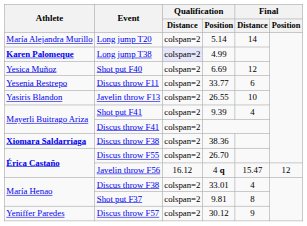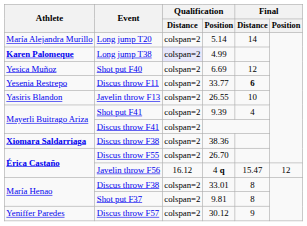 <table class=wikitable style="font-size:90%">
 <tr>
 <th rowspan="2">Athlete</th>
 <th rowspan="2">Event</th>
 <th colspan="2">Qualification</th>
 <th colspan="2">Final</th>
 </tr>
 <tr style="font-size:95%">
 <th>Distance</th>
 <th>Position</th>
 <th>Distance</th>
 <th>Position</th>
 </tr>
 <tr style="text-align:center">
 <td style="text-align:left"><a href='#'>María Alejandra Murillo</a></td>
 <td style="text-align:left"><a href='#'>Long jump T20</a></td>
 <td>colspan=2 </td>
 <td>5.14</td>
 <td>14</td>
 </tr>
 <tr style="text-align:center">
 <td style="text-align:left"><strong><a href='#'>Karen Palomeque</a></strong></td>
 <td style="text-align:left"><a href='#'>Long jump T38</a></td>
 <td style="background: lavender;">colspan=2 </td>
 <td>4.99 <strong></strong></td>
 <td></td>
 </tr>
 <tr style="text-align:center">
 <td style="text-align:left"><a href='#'>Yesica Muñoz</a></td>
 <td style="text-align:left"><a href='#'>Shot put F40</a></td>
 <td>colspan=2 </td>
 <td>6.69 <strong></strong></td>
 <td>12</td>
 </tr>
 <tr style="text-align:center">
 <td style="text-align:left"><a href='#'>Yesenia Restrepo</a></td>
 <td style="text-align:left"><a href='#'>Discus throw F11</a></td>
 <td>colspan=2 </td>
 <td>33.77 <strong></strong></td>
-<td>6</td>
+<td><strong>6</strong></td>
 </tr>
 <tr style="text-align:center">
 <td style="text-align:left"><a href='#'>Yasiris Blandon</a></td>
 <td style="text-align:left"><a href='#'>Javelin throw F13</a></td>
 <td>colspan=2 </td>
 <td>26.55 <strong></strong></td>
 <td>10</td>
 </tr>
 <tr style="text-align:center">
 <td rowspan=2 style="text-align:left"><a href='#'>Mayerli Buitrago Ariza</a></td>
 <td style="text-align:left"><a href='#'>Shot put F41</a></td>
 <td>colspan=2 </td>
 <td>9.39</td>
 <td>4</td>
 </tr>
 <tr style="text-align:center">
 <td style="text-align:left"><a href='#'>Discus throw F41</a></td>
 <td>colspan=2 </td>
 <td colspan=2><strong></strong></td>
 </tr>
 <tr style="text-align:center">
 <td style="text-align:left"><strong><a href='#'>Xiomara Saldarriaga</a></strong></td>
 <td style="text-align:left"><a href='#'>Discus throw F38</a></td>
 <td>colspan=2 </td>
 <td>38.36 <strong></strong></td>
 <td></td>
 </tr>
 <tr style="text-align:center">
 <td rowspan=2 style="text-align:left"><strong><a href='#'>Érica Castaño</a></strong></td>
 <td style="text-align:left"><a href='#'>Discus throw F55</a></td>
 <td>colspan=2 </td>
 <td>26.70</td>
 <td></td>
 </tr>
 <tr style="text-align:center">
 <td style="text-align:left"><a href='#'>Javelin throw F56</a></td>
 <td>16.12 <strong></strong></td>
 <td>4 <strong>q</strong></td>
 <td>15.47</td>
 <td>12</td>
 </tr>
 <tr style="text-align:center">
 <td rowspan=2 style="text-align:left"><a href='#'>María Henao</a></td>
 <td style="text-align:left"><a href='#'>Discus throw F38</a></td>
 <td>colspan=2 </td>
 <td>33.01 <strong></strong></td>
-<td>4</td>
+<td>8</td>
 </tr>
 <tr style="text-align:center">
 <td style="text-align:left"><a href='#'>Shot put F37</a></td>
 <td>colspan=2 </td>
 <td>9.81</td>
 <td>8</td>
 </tr>
 <tr style="text-align:center">
 <td style="text-align:left"><a href='#'>Yeniffer Paredes</a></td>
 <td style="text-align:left"><a href='#'>Discus throw F57</a></td>
 <td>colspan=2 </td>
 <td>30.12 <strong></strong></td>
 <td>9</td>
 </tr>
 </table>
